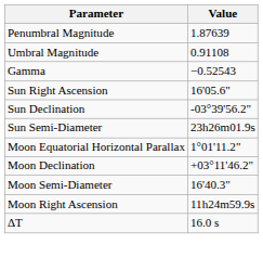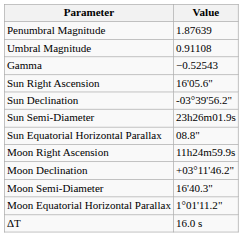 <table class="wikitable">
 <tr>
 <th>Parameter</th>
 <th>Value</th>
 </tr>
 <tr>
 <td>Penumbral Magnitude</td>
 <td>1.87639</td>
 </tr>
 <tr>
 <td>Umbral Magnitude</td>
 <td>0.91108</td>
 </tr>
 <tr>
 <td>Gamma</td>
 <td>−0.52543</td>
 </tr>
 <tr>
 <td>Sun Right Ascension</td>
 <td>16'05.6"</td>
 </tr>
 <tr>
 <td>Sun Declination</td>
 <td>-03°39'56.2"</td>
 </tr>
 <tr>
 <td>Sun Semi-Diameter</td>
 <td>23h26m01.9s</td>
 </tr>
 <tr>
-<td>Moon Equatorial Horizontal Parallax</td>
-<td>1°01'11.2"</td>
+<td>Sun Equatorial Horizontal Parallax</td>
+<td>08.8"</td>
+</tr>
+<tr>
+<td>Moon Right Ascension</td>
+<td>11h24m59.9s</td>
 </tr>
 <tr>
 <td>Moon Declination</td>
 <td>+03°11'46.2"</td>
 </tr>
 <tr>
 <td>Moon Semi-Diameter</td>
 <td>16'40.3"</td>
 </tr>
 <tr>
-<td>Moon Right Ascension</td>
-<td>11h24m59.9s</td>
+<td>Moon Equatorial Horizontal Parallax</td>
+<td>1°01'11.2"</td>
 </tr>
 <tr>
 <td>ΔT</td>
 <td>16.0 s</td>
 </tr>
 </table>
